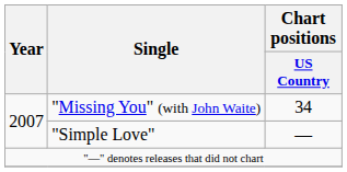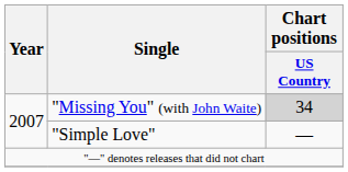 <table class="wikitable">
 <tr>
 <th rowspan="2">Year</th>
 <th rowspan="2">Single</th>
 <th colspan="1">Chart positions</th>
 </tr>
 <tr style="font-size:smaller;">
 <th width="65"><a href='#'>US Country</a></th>
 </tr>
 <tr>
 <td rowspan="2">2007</td>
 <td>"<a href='#'>Missing You</a>" <small>(with <a href='#'>John Waite</a>)</small></td>
-<td align="center">34</td>
+<td align="center" style="background: lightgrey;">34</td>
 </tr>
 <tr>
 <td>"Simple Love"</td>
 <td align="center">—</td>
 </tr>
 <tr>
 <td align="center" colspan="5" style="font-size:8pt">"—" denotes releases that did not chart</td>
 </tr>
 <tr>
 </tr>
 </table>
